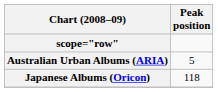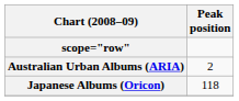 <table class="wikitable sortable plainrowheaders" style="text-align:center;">
 <tr>
 <th scope="col">Chart (2008–09)</th>
 <th scope="col">Peak<br>position</th>
 </tr>
 <tr>
 <th>scope="row"</th>
 </tr>
 <tr>
 <th scope="row">Australian Urban Albums (<a href='#'>ARIA</a>)</th>
-<td>5</td>
+<td>2</td>
 </tr>
 <tr>
 <th scope="row">Japanese Albums (<a href='#'>Oricon</a>)</th>
 <td>118</td>
 </tr>
 <tr>
 </tr>
 </table>
